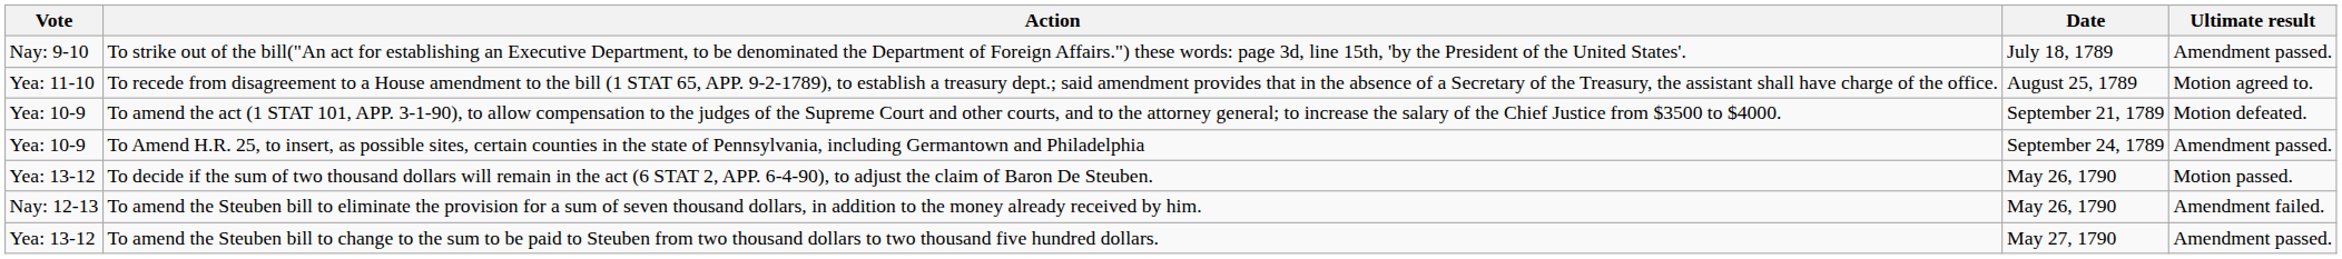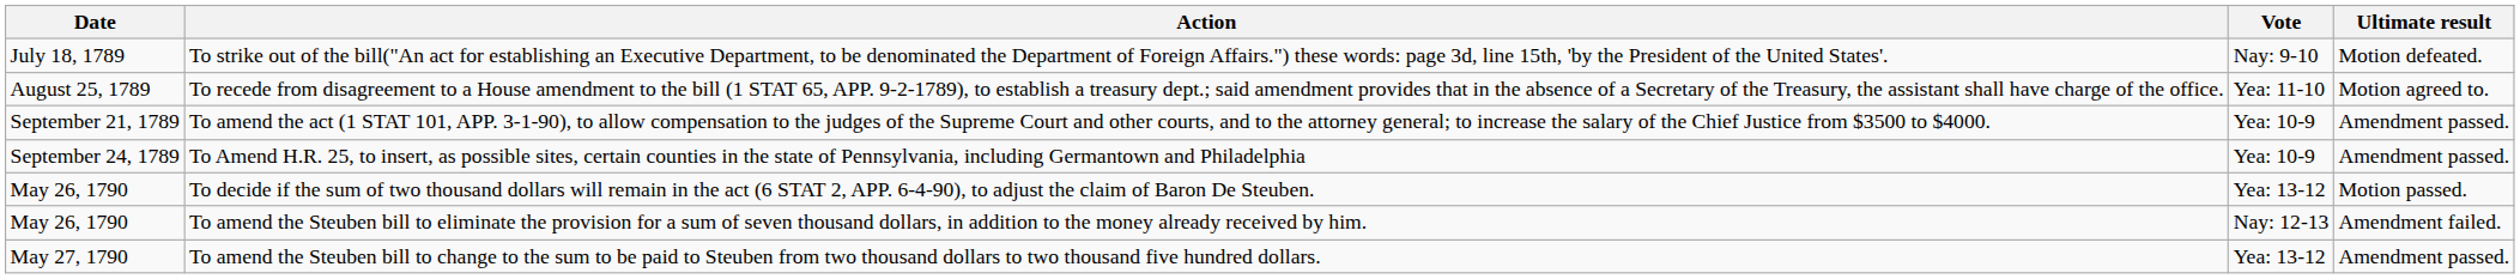 <table class=wikitable>
 <tr>
+<th>Date</th>
+<th>Action</th>
 <th>Vote</th>
-<th>Action</th>
-<th>Date</th>
 <th>Ultimate result</th>
 </tr>
 <tr>
+<td>July 18, 1789</td>
+<td>To strike out of the bill("An act for establishing an Executive Department, to be denominated the Department of Foreign Affairs.") these words: page 3d, line 15th, 'by the President of the United States'.</td>
 <td>Nay: 9-10</td>
-<td>To strike out of the bill("An act for establishing an Executive Department, to be denominated the Department of Foreign Affairs.") these words: page 3d, line 15th, 'by the President of the United States'.</td>
-<td>July 18, 1789</td>
-<td>Amendment passed.</td>
+<td>Motion defeated.</td>
 </tr>
 <tr id="Adams">
+<td>August 25, 1789</td>
+<td>To recede from disagreement to a House amendment to the bill (1 STAT 65, APP. 9-2-1789), to establish a treasury dept.; said amendment provides that in the absence of a Secretary of the Treasury, the assistant shall have charge of the office.</td>
 <td>Yea: 11-10</td>
-<td>To recede from disagreement to a House amendment to the bill (1 STAT 65, APP. 9-2-1789), to establish a treasury dept.; said amendment provides that in the absence of a Secretary of the Treasury, the assistant shall have charge of the office.</td>
-<td>August 25, 1789</td>
 <td>Motion agreed to.</td>
 </tr>
 <tr>
+<td>September 21, 1789</td>
+<td>To amend the act (1 STAT 101, APP. 3-1-90), to allow compensation to the judges of the Supreme Court and other courts, and to the attorney general; to increase the salary of the Chief Justice from $3500 to $4000.</td>
 <td>Yea: 10-9</td>
-<td>To amend the act (1 STAT 101, APP. 3-1-90), to allow compensation to the judges of the Supreme Court and other courts, and to the attorney general; to increase the salary of the Chief Justice from $3500 to $4000.</td>
-<td>September 21, 1789</td>
-<td>Motion defeated.</td>
-</tr>
-<tr>
-<td>Yea: 10-9</td>
-<td>To Amend H.R. 25, to insert, as possible sites, certain counties in the state of Pennsylvania, including Germantown and Philadelphia</td>
-<td>September 24, 1789</td>
 <td>Amendment passed.</td>
 </tr>
 <tr>
+<td>September 24, 1789</td>
+<td>To Amend H.R. 25, to insert, as possible sites, certain counties in the state of Pennsylvania, including Germantown and Philadelphia</td>
+<td>Yea: 10-9</td>
+<td>Amendment passed.</td>
+</tr>
+<tr>
+<td>May 26, 1790</td>
+<td>To decide if the sum of two thousand dollars will remain in the act (6 STAT 2, APP. 6-4-90), to adjust the claim of Baron De Steuben. </td>
 <td>Yea: 13-12</td>
-<td>To decide if the sum of two thousand dollars will remain in the act (6 STAT 2, APP. 6-4-90), to adjust the claim of Baron De Steuben. </td>
-<td>May 26, 1790</td>
 <td>Motion passed.</td>
 </tr>
 <tr>
+<td>May 26, 1790</td>
+<td>To amend the Steuben bill to eliminate the provision for a sum of seven thousand dollars, in addition to the money already received by him.</td>
 <td>Nay: 12-13</td>
-<td>To amend the Steuben bill to eliminate the provision for a sum of seven thousand dollars, in addition to the money already received by him.</td>
-<td>May 26, 1790</td>
 <td>Amendment failed.</td>
 </tr>
 <tr>
+<td>May 27, 1790</td>
+<td>To amend the Steuben bill to change to the sum to be paid to Steuben from two thousand dollars to two thousand five hundred dollars. </td>
 <td>Yea: 13-12</td>
-<td>To amend the Steuben bill to change to the sum to be paid to Steuben from two thousand dollars to two thousand five hundred dollars. </td>
-<td>May 27, 1790</td>
 <td>Amendment passed.</td>
 </tr>
 </table>
